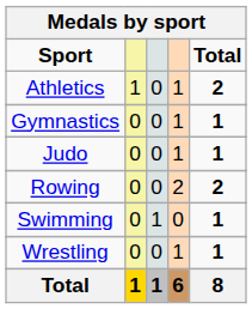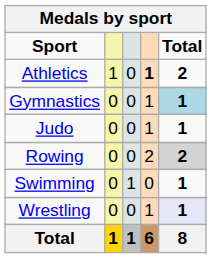 <table class=wikitable style="font-size:85%; float:right">
 <tr bgcolor=efefef>
 <th colspan=7>Medals by sport</th>
 </tr>
 <tr align=center>
 <td><strong>Sport</strong></td>
 <td bgcolor=f7f6a8></td>
 <td bgcolor=dce5e5></td>
 <td bgcolor=ffdab9></td>
 <td><strong>Total</strong></td>
 </tr>
 <tr align=center>
 <td><a href='#'>Athletics</a></td>
 <td bgcolor=F7F6A8>1</td>
 <td bgcolor=DCE5E5>0</td>
-<td bgcolor=FFDAB9>1</td>
+<td bgcolor=FFDAB9><strong>1</strong></td>
 <td><strong>2</strong></td>
 </tr>
 <tr>
 </tr>
 <tr align=center>
 <td><a href='#'>Gymnastics</a></td>
 <td bgcolor=F7F6A8>0</td>
 <td bgcolor=DCE5E5>0</td>
 <td bgcolor=FFDAB9>1</td>
-<td><strong>1</strong></td>
+<td style="background: lightblue;"><strong>1</strong></td>
 </tr>
 <tr>
 </tr>
 <tr align=center>
 <td><a href='#'>Judo</a></td>
 <td bgcolor=F7F6A8>0</td>
 <td bgcolor=DCE5E5>0</td>
 <td bgcolor=FFDAB9>1</td>
 <td><strong>1</strong></td>
 </tr>
 <tr>
 </tr>
 <tr align=center>
 <td><a href='#'>Rowing</a></td>
 <td bgcolor=F7F6A8>0</td>
 <td bgcolor=DCE5E5>0</td>
 <td bgcolor=FFDAB9>2</td>
-<td><strong>2</strong></td>
+<td style="background: lightgrey;"><strong>2</strong></td>
 </tr>
 <tr>
 </tr>
 <tr align=center>
 <td><a href='#'>Swimming</a></td>
 <td bgcolor=F7F6A8>0</td>
 <td bgcolor=DCE5E5>1</td>
 <td bgcolor=FFDAB9>0</td>
 <td><strong>1</strong></td>
 </tr>
 <tr>
 </tr>
 <tr align=center>
 <td><a href='#'>Wrestling</a></td>
 <td bgcolor=F7F6A8>0</td>
 <td bgcolor=DCE5E5>0</td>
 <td bgcolor=FFDAB9>1</td>
-<td><strong>1</strong></td>
+<td style="background: lavender;"><strong>1</strong></td>
 </tr>
 <tr>
 </tr>
 <tr align=center>
 <th>Total</th>
 <th style="background:gold">1</th>
 <th style="background:silver">1</th>
 <th style="background:#c96">6</th>
 <th>8</th>
 </tr>
 </table>
